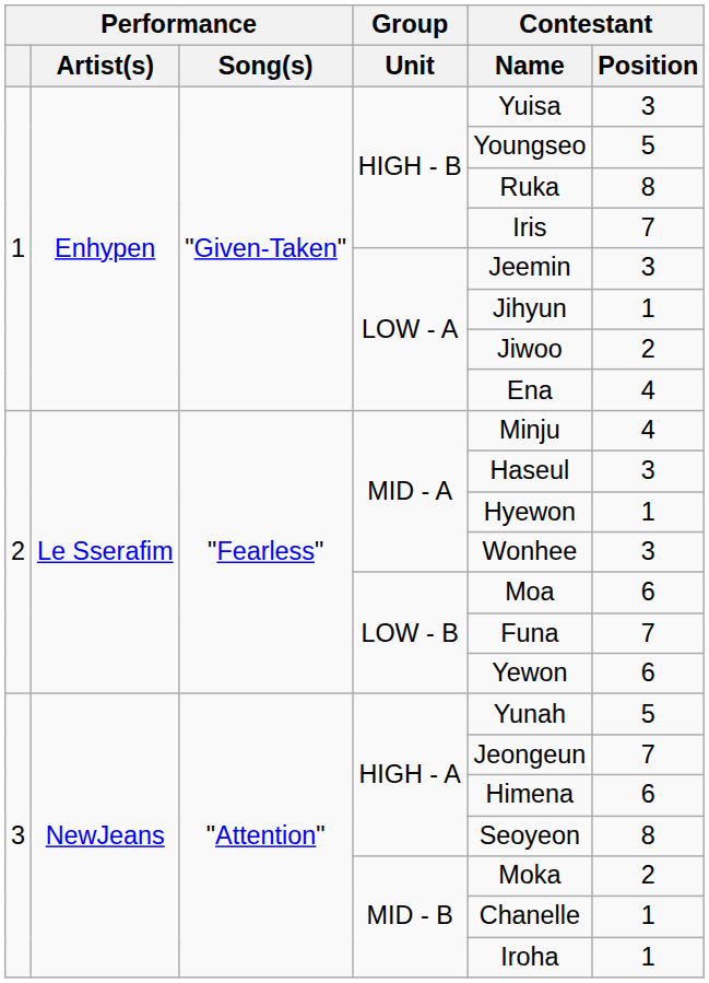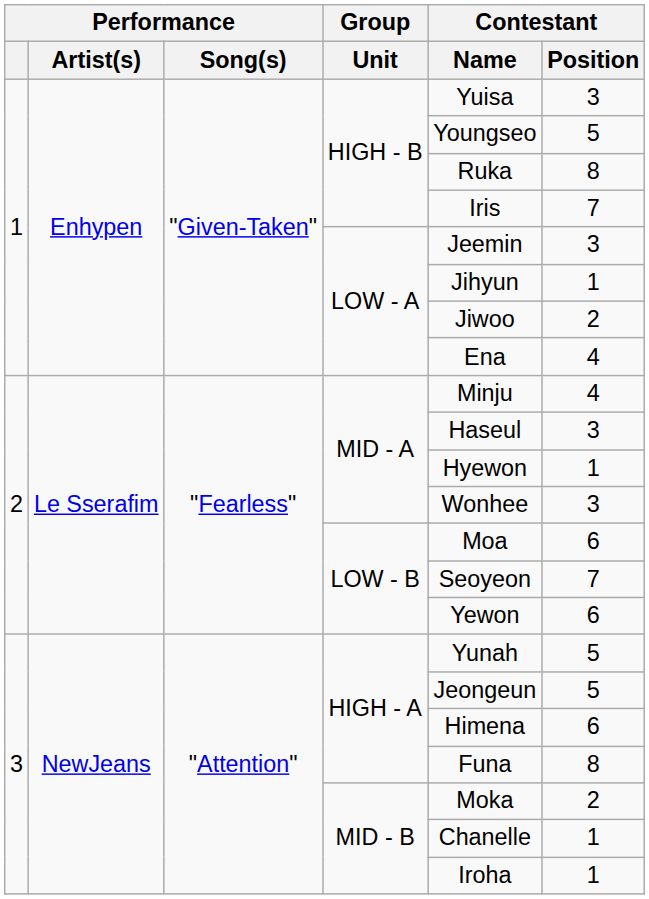 <table class="wikitable collapsible" style="text-align:center">
 <tr>
 <th colspan="3">Performance</th>
 <th>Group</th>
 <th colspan="2">Contestant</th>
 </tr>
 <tr>
 <th></th>
 <th>Artist(s)</th>
 <th>Song(s)</th>
 <th>Unit</th>
 <th>Name</th>
 <th>Position</th>
 </tr>
 <tr>
 <td rowspan="8">1</td>
 <td rowspan="8"><a href='#'>Enhypen</a></td>
 <td rowspan="8">"<a href='#'>Given-Taken</a>"</td>
 <td rowspan="4">HIGH - B</td>
 <td>Yuisa</td>
 <td>3</td>
 </tr>
 <tr>
 <td>Youngseo</td>
 <td>5</td>
 </tr>
 <tr>
 <td>Ruka</td>
 <td>8</td>
 </tr>
 <tr>
 <td>Iris</td>
 <td>7</td>
 </tr>
 <tr>
 <td rowspan="4">LOW - A</td>
 <td>Jeemin</td>
 <td>3</td>
 </tr>
 <tr>
 <td>Jihyun</td>
 <td>1</td>
 </tr>
 <tr>
 <td>Jiwoo</td>
 <td>2</td>
 </tr>
 <tr>
 <td>Ena</td>
 <td>4</td>
 </tr>
 <tr>
 <td rowspan="7">2</td>
 <td rowspan="7"><a href='#'>Le Sserafim</a></td>
 <td rowspan="7">"<a href='#'>Fearless</a>"</td>
 <td rowspan="4">MID - A</td>
 <td>Minju</td>
 <td>4</td>
 </tr>
 <tr>
 <td>Haseul</td>
 <td>3</td>
 </tr>
 <tr>
 <td>Hyewon</td>
 <td>1</td>
 </tr>
 <tr>
 <td>Wonhee</td>
 <td>3</td>
 </tr>
 <tr>
 <td rowspan="3">LOW - B</td>
 <td>Moa</td>
 <td>6</td>
 </tr>
 <tr>
-<td>Funa</td>
+<td>Seoyeon</td>
 <td>7</td>
 </tr>
 <tr>
 <td>Yewon</td>
 <td>6</td>
 </tr>
 <tr>
 <td rowspan="7">3</td>
 <td rowspan="7"><a href='#'>NewJeans</a></td>
 <td rowspan="7">"<a href='#'>Attention</a>"</td>
 <td rowspan="4">HIGH - A</td>
 <td>Yunah</td>
 <td>5</td>
 </tr>
 <tr>
 <td>Jeongeun</td>
-<td>7</td>
+<td>5</td>
 </tr>
 <tr>
 <td>Himena</td>
 <td>6</td>
 </tr>
 <tr>
-<td>Seoyeon</td>
+<td>Funa</td>
 <td>8</td>
 </tr>
 <tr>
 <td rowspan="3">MID - B</td>
 <td>Moka</td>
 <td>2</td>
 </tr>
 <tr>
 <td>Chanelle</td>
 <td>1</td>
 </tr>
 <tr>
 <td>Iroha</td>
 <td>1</td>
 </tr>
 </table>
